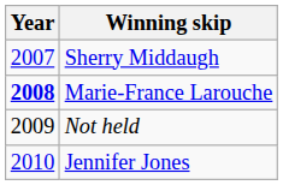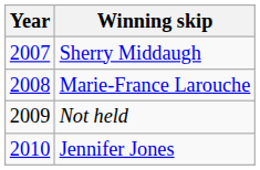 <table class="wikitable">
 <tr>
 <th>Year</th>
 <th>Winning skip</th>
 </tr>
 <tr>
 <td><a href='#'>2007</a></td>
 <td><a href='#'>Sherry Middaugh</a></td>
 </tr>
 <tr>
-<td><strong><a href='#'>2008</a></strong></td>
+<td><a href='#'>2008</a></td>
 <td><a href='#'>Marie-France Larouche</a></td>
 </tr>
 <tr>
 <td>2009</td>
 <td><em>Not held</em></td>
 </tr>
 <tr>
 <td><a href='#'>2010</a></td>
 <td><a href='#'>Jennifer Jones</a></td>
 </tr>
 </table>
